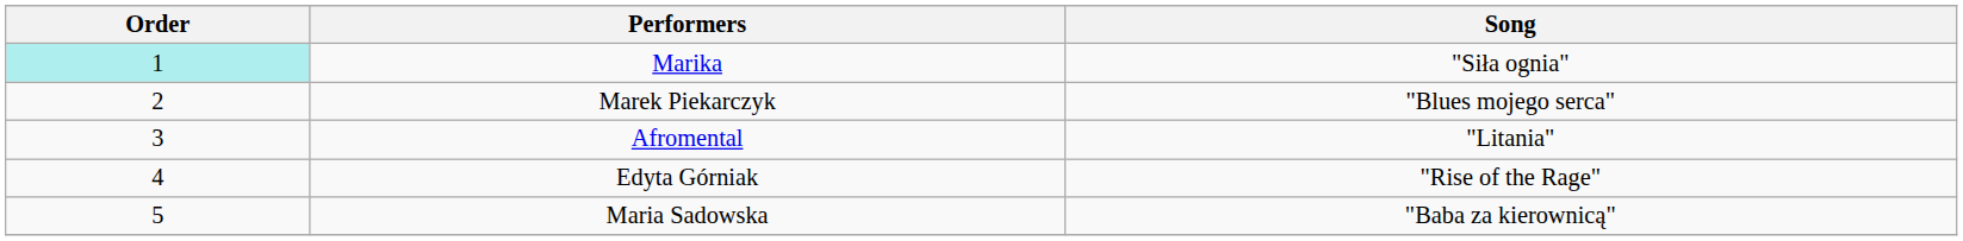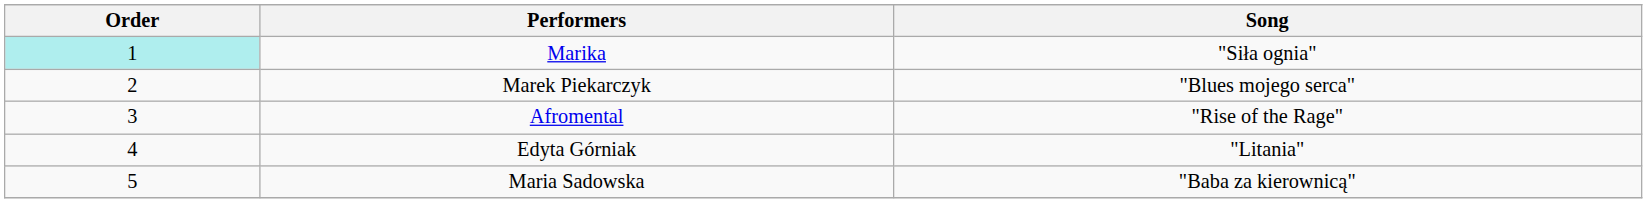 <table class="wikitable" style="text-align:center; width:65%;">
 <tr>
 </tr>
 <tr>
 <th>Order</th>
 <th>Performers</th>
 <th>Song</th>
 </tr>
 <tr>
 <td style="background: paleturquoise;">1</td>
 <td><a href='#'>Marika</a></td>
 <td>"Siła ognia"</td>
 </tr>
 <tr>
 <td>2</td>
 <td>Marek Piekarczyk</td>
 <td>"Blues mojego serca"</td>
 </tr>
 <tr>
 <td>3</td>
 <td><a href='#'>Afromental</a></td>
-<td>"Litania"</td>
+<td>"Rise of the Rage"</td>
 </tr>
 <tr>
 <td>4</td>
 <td>Edyta Górniak</td>
-<td>"Rise of the Rage"</td>
+<td>"Litania"</td>
 </tr>
 <tr>
 <td>5</td>
 <td>Maria Sadowska</td>
 <td>"Baba za kierownicą"</td>
 </tr>
 <tr>
 </tr>
 </table>
